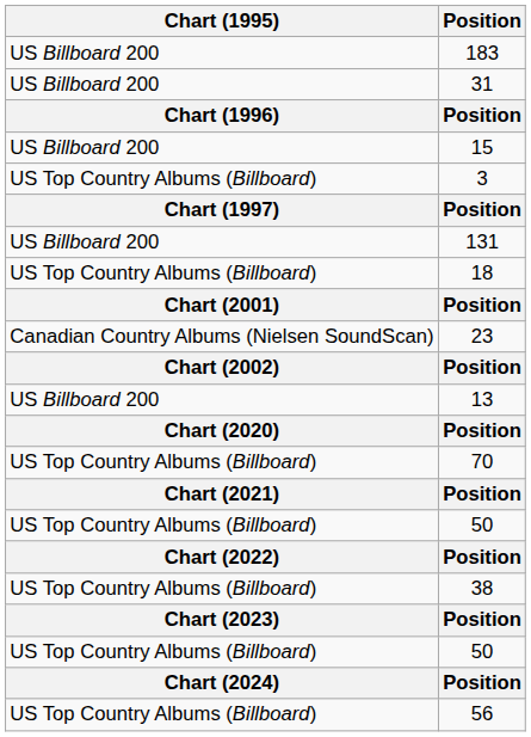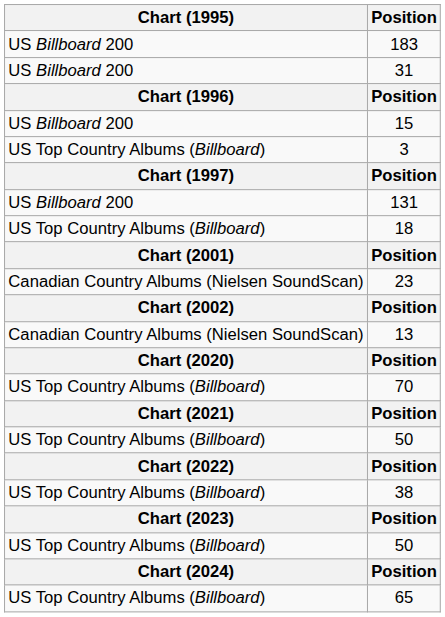 <table class="wikitable">
 <tr>
 <th>Chart (1995)</th>
 <th>Position</th>
 </tr>
 <tr>
 <td>US <em>Billboard</em> 200</td>
 <td style="text-align:center;">183</td>
 </tr>
 <tr>
 <td>US <em>Billboard</em> 200</td>
 <td style="text-align:center;">31</td>
 </tr>
 <tr>
 <th>Chart (1996)</th>
 <th>Position</th>
 </tr>
 <tr>
 <td>US <em>Billboard</em> 200</td>
 <td style="text-align:center;">15</td>
 </tr>
 <tr>
 <td>US Top Country Albums (<em>Billboard</em>)</td>
 <td style="text-align:center;">3</td>
 </tr>
 <tr>
 <th>Chart (1997)</th>
 <th>Position</th>
 </tr>
 <tr>
 <td>US <em>Billboard</em> 200</td>
 <td style="text-align:center;">131</td>
 </tr>
 <tr>
 <td>US Top Country Albums (<em>Billboard</em>)</td>
 <td style="text-align:center;">18</td>
 </tr>
 <tr>
 <th>Chart (2001)</th>
 <th>Position</th>
 </tr>
 <tr>
 <td>Canadian Country Albums (Nielsen SoundScan)</td>
 <td align="center">23</td>
 </tr>
 <tr>
 <th>Chart (2002)</th>
 <th>Position</th>
 </tr>
 <tr>
-<td>US <em>Billboard</em> 200</td>
+<td>Canadian Country Albums (Nielsen SoundScan)</td>
 <td align="center">13</td>
 </tr>
 <tr>
 <th>Chart (2020)</th>
 <th>Position</th>
 </tr>
 <tr>
 <td>US Top Country Albums (<em>Billboard</em>)</td>
 <td style="text-align:center;">70</td>
 </tr>
 <tr>
 <th>Chart (2021)</th>
 <th>Position</th>
 </tr>
 <tr>
 <td>US Top Country Albums (<em>Billboard</em>)</td>
 <td style="text-align:center;">50</td>
 </tr>
 <tr>
 <th>Chart (2022)</th>
 <th>Position</th>
 </tr>
 <tr>
 <td>US Top Country Albums (<em>Billboard</em>)</td>
 <td style="text-align:center;">38</td>
 </tr>
 <tr>
 <th>Chart (2023)</th>
 <th>Position</th>
 </tr>
 <tr>
 <td>US Top Country Albums (<em>Billboard</em>)</td>
 <td style="text-align:center;">50</td>
 </tr>
 <tr>
 <th>Chart (2024)</th>
 <th>Position</th>
 </tr>
 <tr>
 <td>US Top Country Albums (<em>Billboard</em>)</td>
-<td style="text-align:center;">56</td>
+<td style="text-align:center;">65</td>
 </tr>
 </table>
